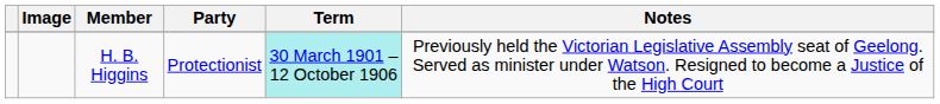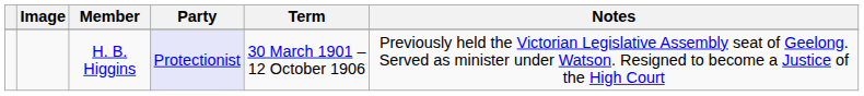 <table class=wikitable style="text-align:center">
 <tr>
 <th></th>
 <th>Image</th>
 <th>Member</th>
 <th>Party</th>
 <th>Term</th>
 <th>Notes</th>
 </tr>
 <tr>
 </tr>
 <tr>
 <td> </td>
 <td></td>
 <td><a href='#'>H. B. Higgins</a><br></td>
-<td><a href='#'>Protectionist</a></td>
-<td nowrap style="background: paleturquoise;"><a href='#'>30 March 1901</a> –<br>12 October 1906</td>
+<td style="background: lavender;"><a href='#'>Protectionist</a></td>
+<td nowrap><a href='#'>30 March 1901</a> –<br>12 October 1906</td>
 <td>Previously held the <a href='#'>Victorian Legislative Assembly</a> seat of <a href='#'>Geelong</a>. Served as minister under <a href='#'>Watson</a>. Resigned to become a <a href='#'>Justice</a> of the <a href='#'>High Court</a></td>
 </tr>
 </table>
